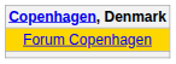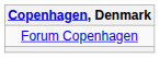 <table class="wikitable", style="text-align:center;">
 <tr>
 <th> <a href='#'>Copenhagen</a>, Denmark</th>
 </tr>
 <tr>
-<td style="background: gold;"><a href='#'>Forum Copenhagen</a></td>
+<td><a href='#'>Forum Copenhagen</a></td>
 </tr>
 <tr>
 <th></th>
 </tr>
 </table>
